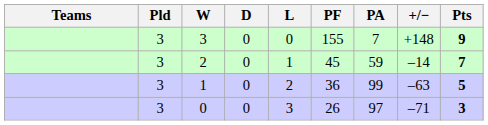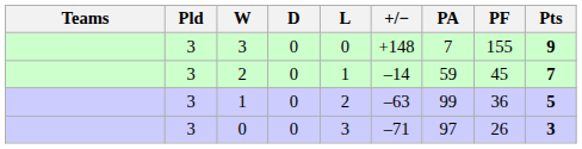 <table class="wikitable" style="text-align: center;">
 <tr>
 <th width="140">Teams</th>
 <th width="40">Pld</th>
 <th width="40">W</th>
 <th width="40">D</th>
 <th width="40">L</th>
+<th width="40">+/−</th>
+<th width="40">PA</th>
 <th width="40">PF</th>
-<th width="40">PA</th>
-<th width="40">+/−</th>
 <th width="40">Pts</th>
 </tr>
 <tr bgcolor=ccffcc>
 <td align=left></td>
 <td>3</td>
 <td>3</td>
 <td>0</td>
 <td>0</td>
+<td>+148</td>
+<td>7</td>
 <td>155</td>
-<td>7</td>
-<td>+148</td>
 <td><strong>9</strong></td>
 </tr>
 <tr bgcolor=ccffcc>
 <td align=left></td>
 <td>3</td>
 <td>2</td>
 <td>0</td>
 <td>1</td>
+<td>–14</td>
+<td>59</td>
 <td>45</td>
-<td>59</td>
-<td>–14</td>
 <td><strong>7</strong></td>
 </tr>
 <tr bgcolor=ccccff>
 <td align=left></td>
 <td>3</td>
 <td>1</td>
 <td>0</td>
 <td>2</td>
+<td>–63</td>
+<td>99</td>
 <td>36</td>
-<td>99</td>
-<td>–63</td>
 <td><strong>5</strong></td>
 </tr>
 <tr bgcolor=ccccff>
 <td align=left></td>
 <td>3</td>
 <td>0</td>
 <td>0</td>
 <td>3</td>
+<td>–71</td>
+<td>97</td>
 <td>26</td>
-<td>97</td>
-<td>–71</td>
 <td><strong>3</strong></td>
 </tr>
 </table>
